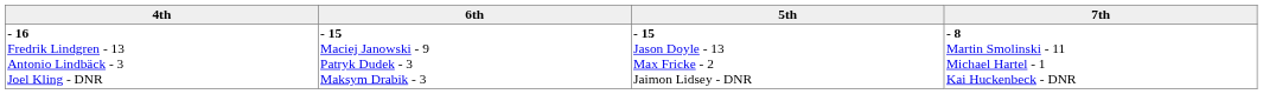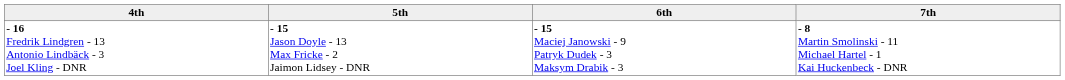 <table border="1" cellpadding="2" cellspacing="0"  style="width:75%; border-collapse:collapse;">
 <tr style="text-align:left; background:#efefef;">
 <th style="width:15%; text-align:center;">4th</th>
+<th style="width:15%; text-align:center;">5th</th>
 <th style="width:15%; text-align:center;">6th</th>
-<th style="width:15%; text-align:center;">5th</th>
 <th style="width:15%; text-align:center;">7th</th>
 </tr>
 <tr align=left>
 <td valign=top align=left><strong> - 16</strong><br><a href='#'>Fredrik Lindgren</a> - 13<br><a href='#'>Antonio Lindbäck</a> - 3<br><a href='#'>Joel Kling</a> - DNR</td>
+<td valign=top align=left><strong> - 15</strong><br><a href='#'>Jason Doyle</a> - 13<br><a href='#'>Max Fricke</a> - 2<br>Jaimon Lidsey - DNR</td>
 <td valign=top align=left><strong> - 15</strong><br><a href='#'>Maciej Janowski</a> - 9<br><a href='#'>Patryk Dudek</a> - 3<br><a href='#'>Maksym Drabik</a> - 3</td>
-<td valign=top align=left><strong> - 15</strong><br><a href='#'>Jason Doyle</a> - 13<br><a href='#'>Max Fricke</a> - 2<br>Jaimon Lidsey - DNR</td>
 <td valign=top align=left><strong> - 8</strong><br><a href='#'>Martin Smolinski</a> - 11<br><a href='#'>Michael Hartel</a> - 1<br><a href='#'>Kai Huckenbeck</a> - DNR</td>
 </tr>
 </table>
